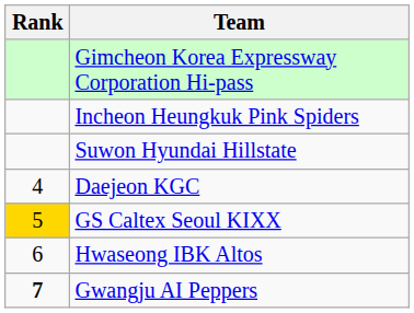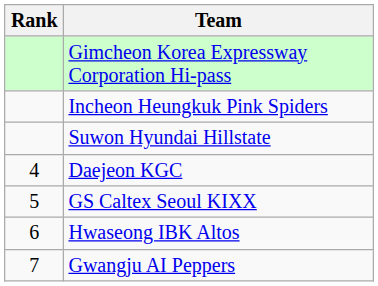 <table class="wikitable" style="text-align: center;">
 <tr>
 <th width=40>Rank</th>
 <th width=240>Team</th>
 </tr>
 <tr bgcolor=#ccffcc>
 <td></td>
 <td align=left><a href='#'>Gimcheon Korea Expressway Corporation Hi-pass</a></td>
 </tr>
 <tr>
 <td></td>
 <td align=left><a href='#'>Incheon Heungkuk Pink Spiders</a></td>
 </tr>
 <tr>
 <td></td>
 <td align=left><a href='#'>Suwon Hyundai Hillstate</a></td>
 </tr>
 <tr>
 <td>4</td>
 <td align=left><a href='#'>Daejeon KGC</a></td>
 </tr>
 <tr>
-<td style="background: gold;">5</td>
+<td>5</td>
 <td align=left><a href='#'>GS Caltex Seoul KIXX</a></td>
 </tr>
 <tr>
 <td>6</td>
 <td align=left><a href='#'>Hwaseong IBK Altos</a></td>
 </tr>
 <tr>
-<td><strong>7</strong></td>
+<td>7</td>
 <td align=left><a href='#'>Gwangju AI Peppers</a></td>
 </tr>
 </table>
